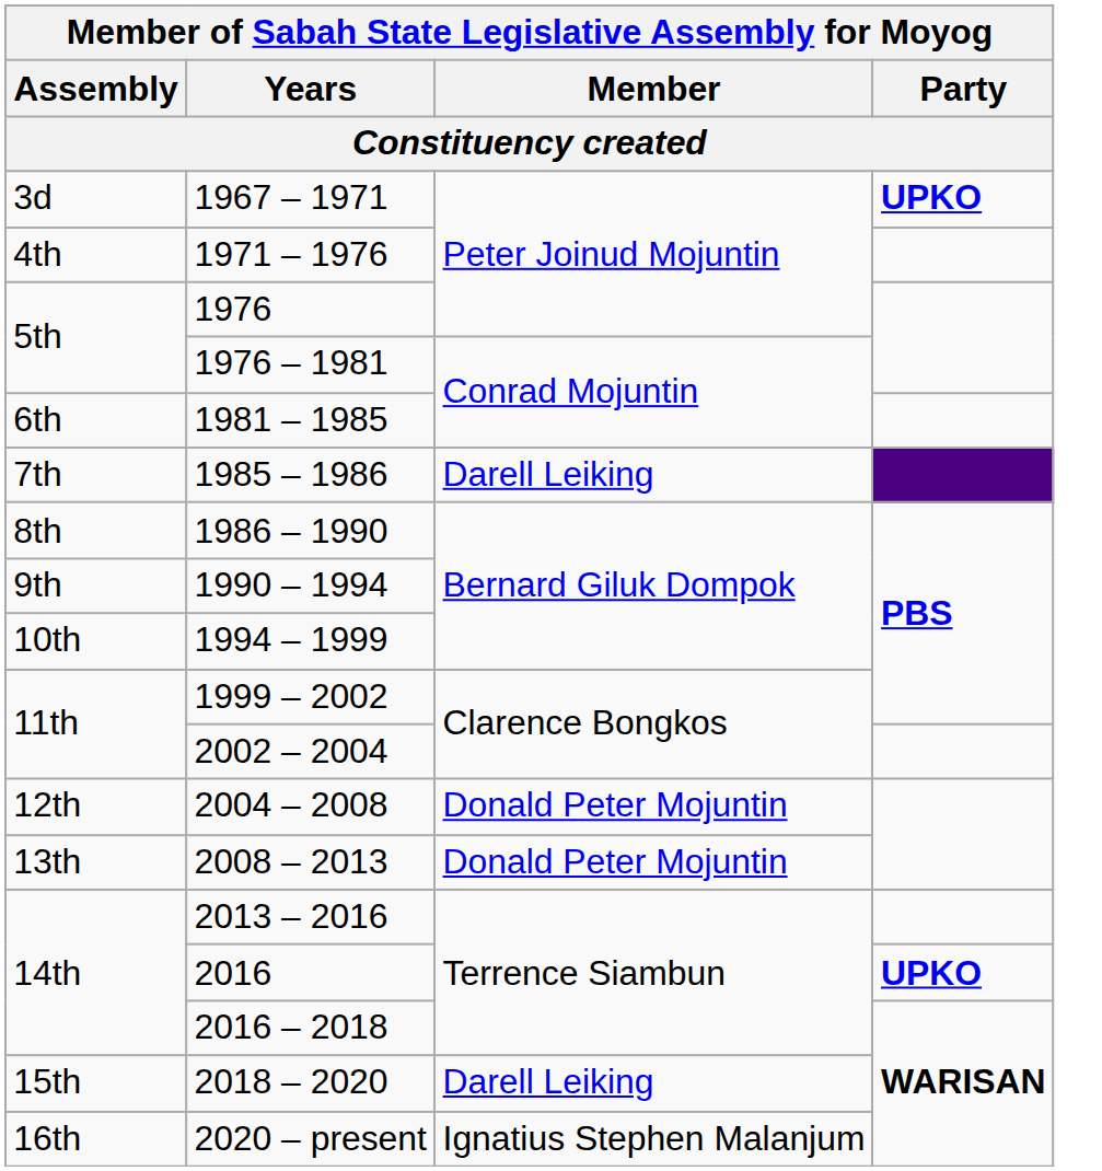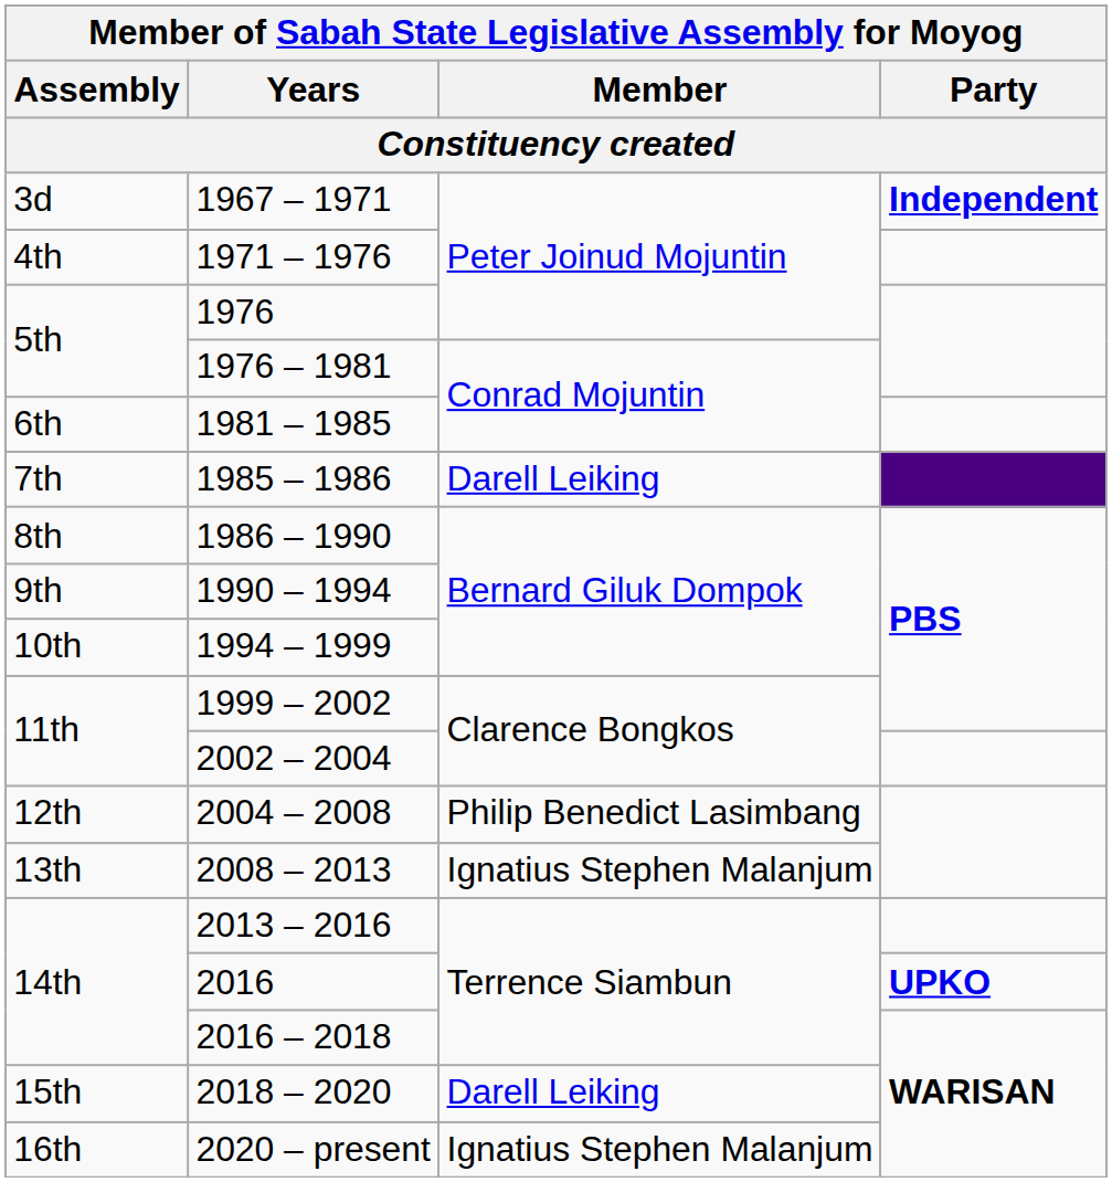 <table class="wikitable">
 <tr>
 <th colspan="4">Member of <a href='#'>Sabah State Legislative Assembly</a> for Moyog</th>
 </tr>
 <tr>
 <th>Assembly</th>
 <th>Years</th>
 <th>Member</th>
 <th>Party</th>
 </tr>
 <tr>
 <th colspan="4" align="center"><em>Constituency created</em></th>
 </tr>
 <tr>
 <td>3d</td>
 <td>1967 – 1971</td>
 <td rowspan="3"><a href='#'>Peter Joinud Mojuntin</a></td>
-<td><strong><a href='#'>UPKO</a></strong></td>
+<td><strong><a href='#'>Independent</a></strong></td>
 </tr>
 <tr>
 <td>4th</td>
 <td>1971 – 1976</td>
 <td></td>
 </tr>
 <tr>
 <td rowspan="2">5th</td>
 <td>1976</td>
 <td rowspan="2"></td>
 </tr>
 <tr>
 <td>1976 – 1981</td>
 <td rowspan="2"><a href='#'>Conrad Mojuntin</a></td>
 </tr>
 <tr>
 <td>6th</td>
 <td>1981 – 1985</td>
 <td></td>
 </tr>
 <tr>
 <td>7th</td>
 <td>1985 – 1986</td>
 <td><a href='#'>Darell Leiking</a></td>
 <td bgcolor=indigo><strong><a href='#'></a></strong></td>
 </tr>
 <tr>
 <td>8th</td>
 <td>1986 – 1990</td>
 <td rowspan="3"><a href='#'>Bernard Giluk Dompok</a></td>
 <td rowspan="4"><strong><a href='#'>PBS</a></strong></td>
 </tr>
 <tr>
 <td>9th</td>
 <td>1990 – 1994</td>
 </tr>
 <tr>
 <td>10th</td>
 <td>1994 – 1999</td>
 </tr>
 <tr>
 <td rowspan="2">11th</td>
 <td>1999 – 2002</td>
 <td rowspan="2">Clarence Bongkos</td>
 </tr>
 <tr>
 <td>2002 – 2004</td>
 <td></td>
 </tr>
 <tr>
 <td>12th</td>
 <td>2004 – 2008</td>
-<td><a href='#'>Donald Peter Mojuntin</a></td>
+<td>Philip Benedict Lasimbang</td>
 <td rowspan="2"></td>
 </tr>
 <tr>
 <td>13th</td>
 <td>2008 – 2013</td>
-<td><a href='#'>Donald Peter Mojuntin</a></td>
+<td>Ignatius Stephen Malanjum</td>
 </tr>
 <tr>
 <td rowspan="3">14th</td>
 <td>2013 – 2016</td>
 <td rowspan="3">Terrence Siambun</td>
 <td></td>
 </tr>
 <tr>
 <td>2016</td>
 <td><strong><a href='#'>UPKO</a></strong></td>
 </tr>
 <tr>
 <td>2016 – 2018</td>
 <td rowspan="3"><strong>WARISAN</strong></td>
 </tr>
 <tr>
 <td>15th</td>
 <td>2018 – 2020</td>
 <td><a href='#'>Darell Leiking</a></td>
 </tr>
 <tr>
 <td>16th</td>
 <td>2020 – present</td>
 <td>Ignatius Stephen Malanjum</td>
 </tr>
 </table>
